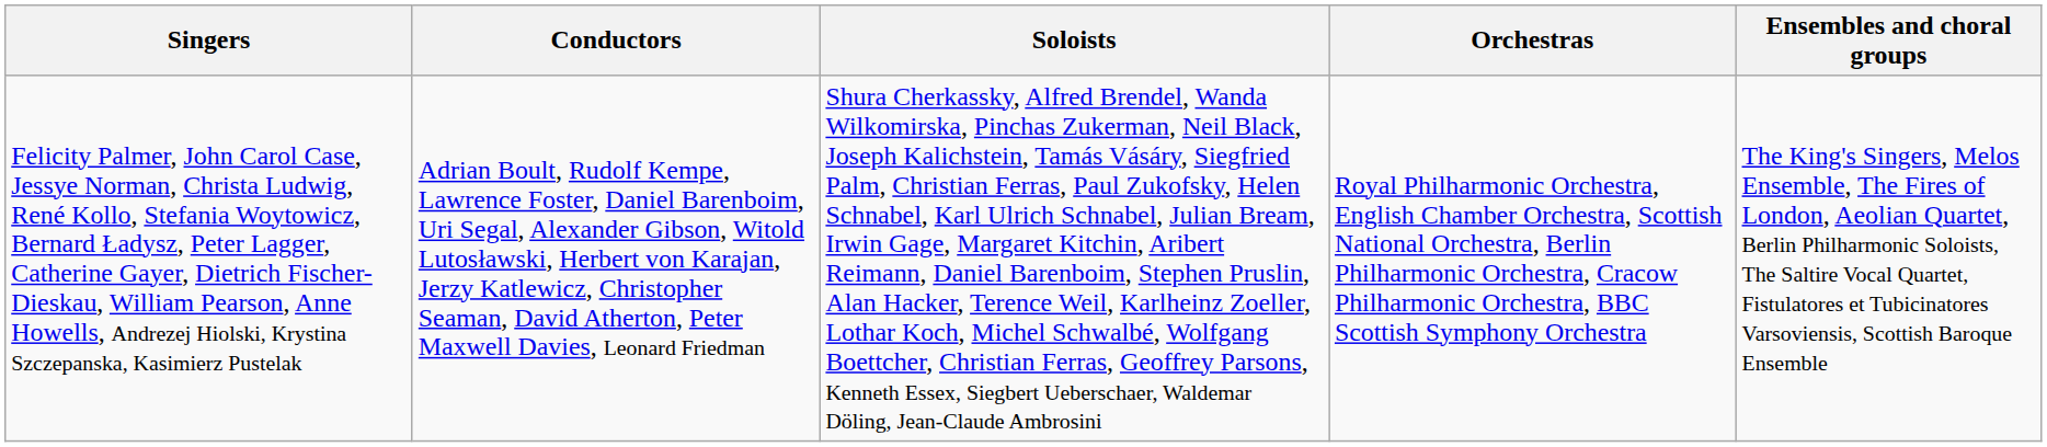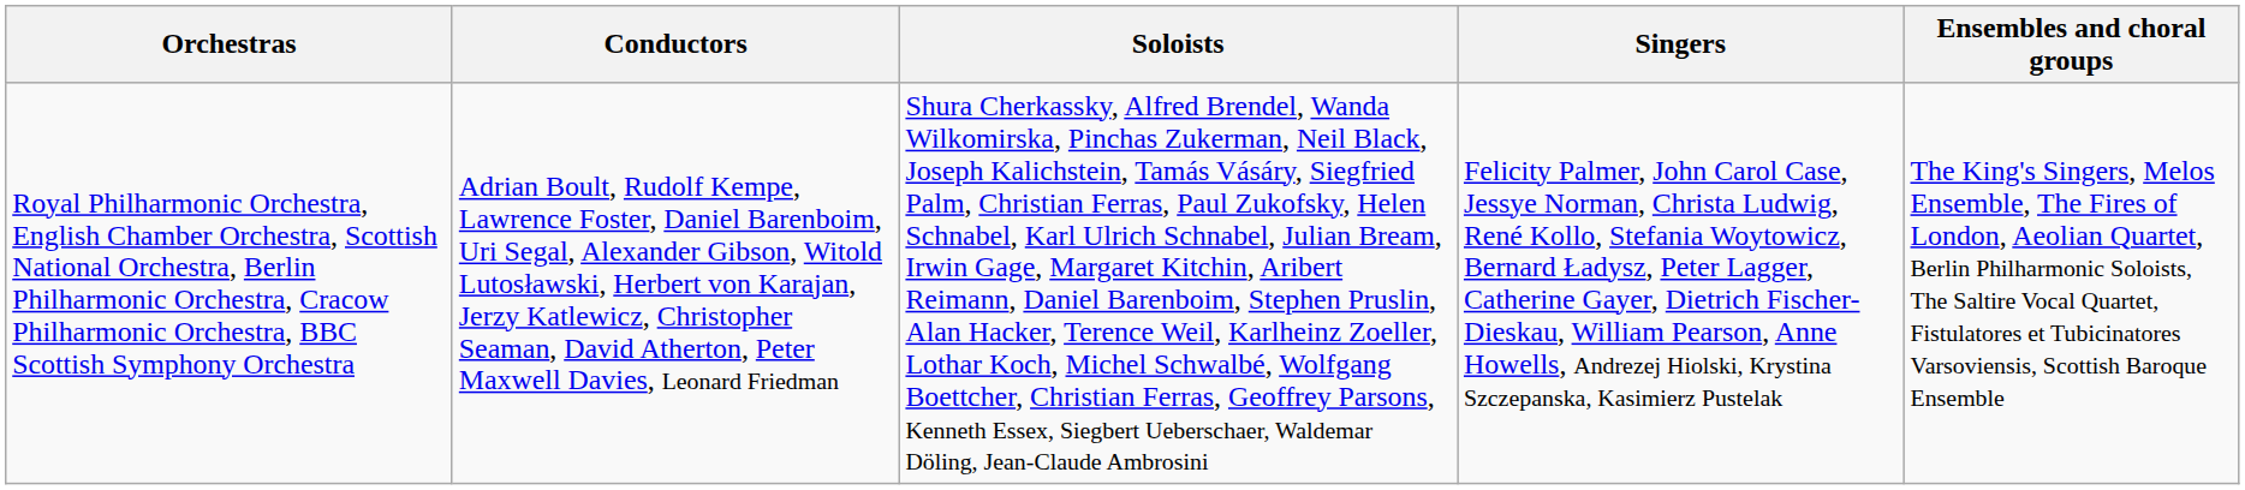 <table class="wikitable toptextcells">
 <tr class="hintergrundfarbe5">
-<th style="width:20%;">Singers</th>
+<th style="width:20%;">Orchestras</th>
 <th style="width:20%;">Conductors</th>
 <th style="width:25%;">Soloists</th>
-<th style="width:20%;">Orchestras</th>
+<th style="width:20%;">Singers</th>
 <th style="width:15%;">Ensembles and choral groups</th>
 </tr>
 <tr>
-<td><a href='#'>Felicity Palmer</a>, <a href='#'>John Carol Case</a>, <a href='#'>Jessye Norman</a>, <a href='#'>Christa Ludwig</a>, <a href='#'>René Kollo</a>, <a href='#'>Stefania Woytowicz</a>,  <a href='#'>Bernard Ładysz</a>, <a href='#'>Peter Lagger</a>, <a href='#'>Catherine Gayer</a>, <a href='#'>Dietrich Fischer-Dieskau</a>, <a href='#'>William Pearson</a>, <a href='#'>Anne Howells</a>, <small>Andrezej Hiolski, Krystina Szczepanska, Kasimierz Pustelak</small></td>
+<td><a href='#'>Royal Philharmonic Orchestra</a>, <a href='#'>English Chamber Orchestra</a>, <a href='#'>Scottish National Orchestra</a>, <a href='#'>Berlin Philharmonic Orchestra</a>, <a href='#'>Cracow Philharmonic Orchestra</a>, <a href='#'>BBC Scottish Symphony Orchestra</a></td>
 <td><a href='#'>Adrian Boult</a>, <a href='#'>Rudolf Kempe</a>, <a href='#'>Lawrence Foster</a>, <a href='#'>Daniel Barenboim</a>, <a href='#'>Uri Segal</a>, <a href='#'>Alexander Gibson</a>, <a href='#'>Witold Lutosławski</a>, <a href='#'>Herbert von Karajan</a>, <a href='#'>Jerzy Katlewicz</a>, <a href='#'>Christopher Seaman</a>, <a href='#'>David Atherton</a>, <a href='#'>Peter Maxwell Davies</a>, <small>Leonard Friedman</small></td>
 <td><a href='#'>Shura Cherkassky</a>, <a href='#'>Alfred Brendel</a>, <a href='#'>Wanda Wilkomirska</a>, <a href='#'>Pinchas Zukerman</a>, <a href='#'>Neil Black</a>, <a href='#'>Joseph Kalichstein</a>, <a href='#'>Tamás Vásáry</a>, <a href='#'>Siegfried Palm</a>, <a href='#'>Christian Ferras</a>, <a href='#'>Paul Zukofsky</a>, <a href='#'>Helen Schnabel</a>, <a href='#'>Karl Ulrich Schnabel</a>, <a href='#'>Julian Bream</a>, <a href='#'>Irwin Gage</a>, <a href='#'>Margaret Kitchin</a>, <a href='#'>Aribert Reimann</a>, <a href='#'>Daniel Barenboim</a>, <a href='#'>Stephen Pruslin</a>, <a href='#'>Alan Hacker</a>, <a href='#'>Terence Weil</a>, <a href='#'>Karlheinz Zoeller</a>, <a href='#'>Lothar Koch</a>, <a href='#'>Michel Schwalbé</a>, <a href='#'>Wolfgang Boettcher</a>, <a href='#'>Christian Ferras</a>, <a href='#'>Geoffrey Parsons</a>, <small>Kenneth Essex, Siegbert Ueberschaer, Waldemar Döling, Jean-Claude Ambrosini</small></td>
-<td><a href='#'>Royal Philharmonic Orchestra</a>, <a href='#'>English Chamber Orchestra</a>, <a href='#'>Scottish National Orchestra</a>, <a href='#'>Berlin Philharmonic Orchestra</a>, <a href='#'>Cracow Philharmonic Orchestra</a>, <a href='#'>BBC Scottish Symphony Orchestra</a></td>
+<td><a href='#'>Felicity Palmer</a>, <a href='#'>John Carol Case</a>, <a href='#'>Jessye Norman</a>, <a href='#'>Christa Ludwig</a>, <a href='#'>René Kollo</a>, <a href='#'>Stefania Woytowicz</a>,  <a href='#'>Bernard Ładysz</a>, <a href='#'>Peter Lagger</a>, <a href='#'>Catherine Gayer</a>, <a href='#'>Dietrich Fischer-Dieskau</a>, <a href='#'>William Pearson</a>, <a href='#'>Anne Howells</a>, <small>Andrezej Hiolski, Krystina Szczepanska, Kasimierz Pustelak</small></td>
 <td><a href='#'>The King's Singers</a>, <a href='#'>Melos Ensemble</a>, <a href='#'>The Fires of London</a>, <a href='#'>Aeolian Quartet</a>,  <small>Berlin Philharmonic Soloists, The Saltire Vocal Quartet, Fistulatores et Tubicinatores Varsoviensis, Scottish Baroque Ensemble </small></td>
 </tr>
 </table>
